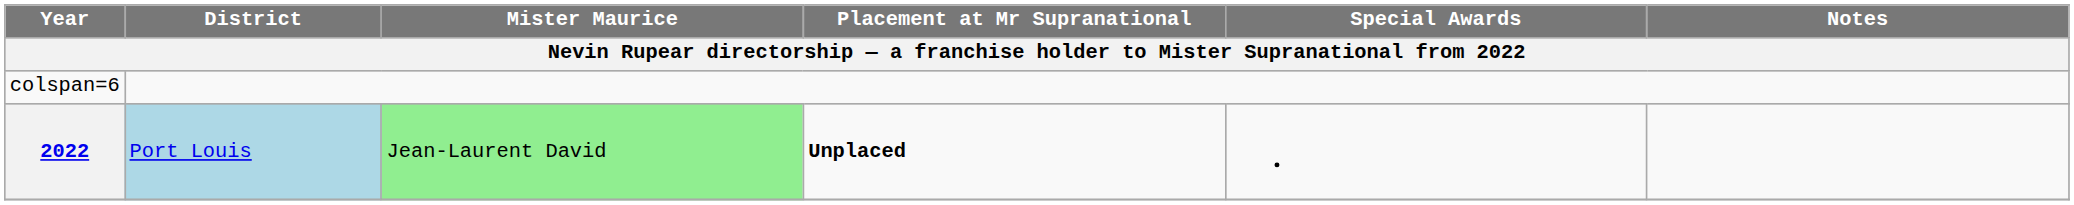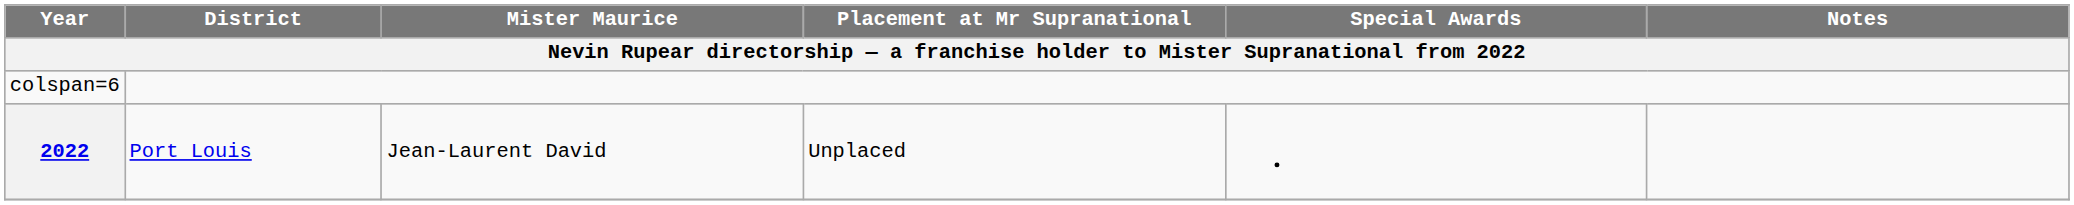 <table class="wikitable " style="font-size: 95%;">
 <tr>
 <th width="60" style="background-color:#787878;color:#FFFFFF;">Year</th>
 <th width="150" style="background-color:#787878;color:#FFFFFF;">District</th>
 <th width="250" style="background-color:#787878;color:#FFFFFF;">Mister Maurice</th>
 <th width="250" style="background-color:#787878;color:#FFFFFF;">Placement at Mr Supranational</th>
 <th width="250" style="background-color:#787878;color:#FFFFFF;">Special Awards</th>
 <th width="250" style="background-color:#787878;color:#FFFFFF;">Notes</th>
 </tr>
 <tr>
 <th colspan="6">Nevin Rupear directorship — a franchise holder to Mister Supranational from 2022</th>
 </tr>
 <tr>
 <td>colspan=6 </td>
 </tr>
 <tr>
 <th><a href='#'>2022</a></th>
-<td style="background: lightblue;"><a href='#'>Port Louis</a></td>
-<td style="background: lightgreen;">Jean-Laurent David</td>
-<td><strong>Unplaced</strong></td>
+<td><a href='#'>Port Louis</a></td>
+<td>Jean-Laurent David</td>
+<td>Unplaced</td>
 <td align="left"><br><ul><li></li></ul></td>
 <td></td>
 </tr>
 <tr>
 </tr>
 </table>
